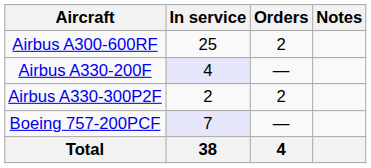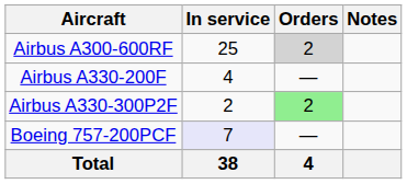 <table class="wikitable" style="margin:0.5em auto; text-align:center">
 <tr>
 <th>Aircraft</th>
 <th>In service</th>
 <th>Orders</th>
 <th>Notes</th>
 </tr>
 <tr>
 <td><a href='#'>Airbus A300-600RF</a></td>
 <td>25</td>
-<td>2</td>
+<td style="background: lightgrey;">2</td>
 <td></td>
 </tr>
 <tr>
 <td><a href='#'>Airbus A330-200F</a></td>
-<td style="background: lavender;">4</td>
+<td>4</td>
 <td>—</td>
 <td></td>
 </tr>
 <tr>
 <td><a href='#'>Airbus A330-300P2F</a></td>
 <td>2</td>
-<td>2</td>
+<td style="background: lightgreen;">2</td>
 <td></td>
 </tr>
 <tr>
 <td><a href='#'>Boeing 757-200PCF</a></td>
 <td style="background: lavender;">7</td>
 <td>—</td>
 <td></td>
 </tr>
 <tr>
 <th>Total</th>
 <th>38</th>
 <th>4</th>
 <th colspan=2></th>
 </tr>
 </table>
